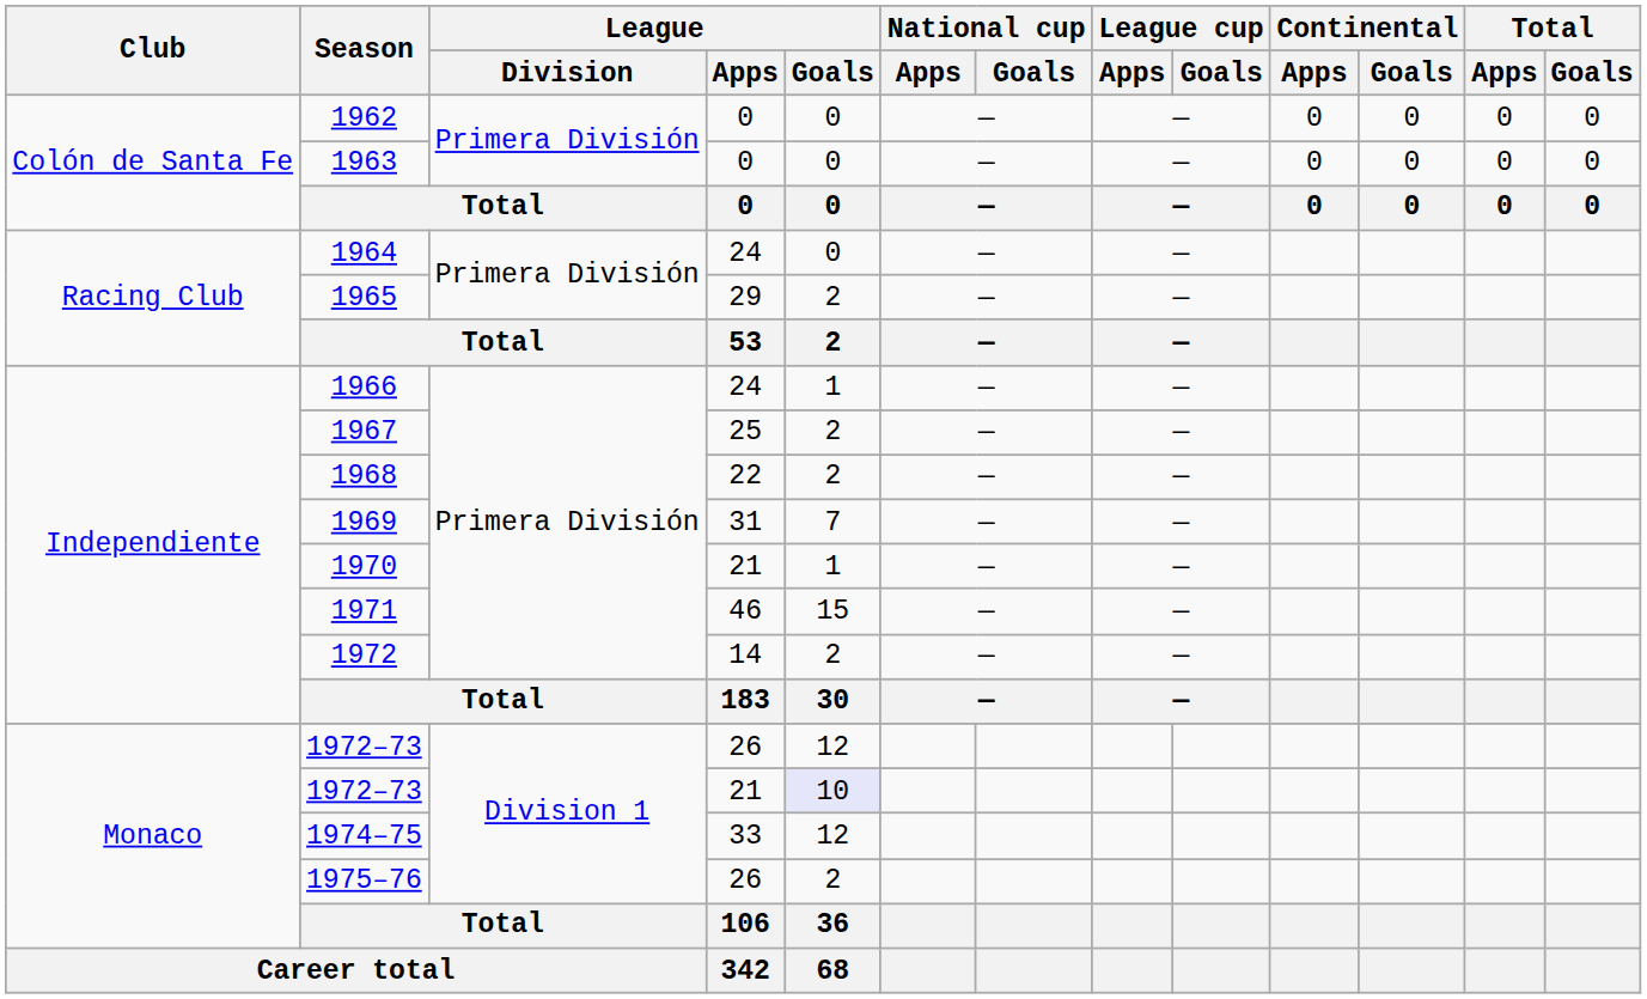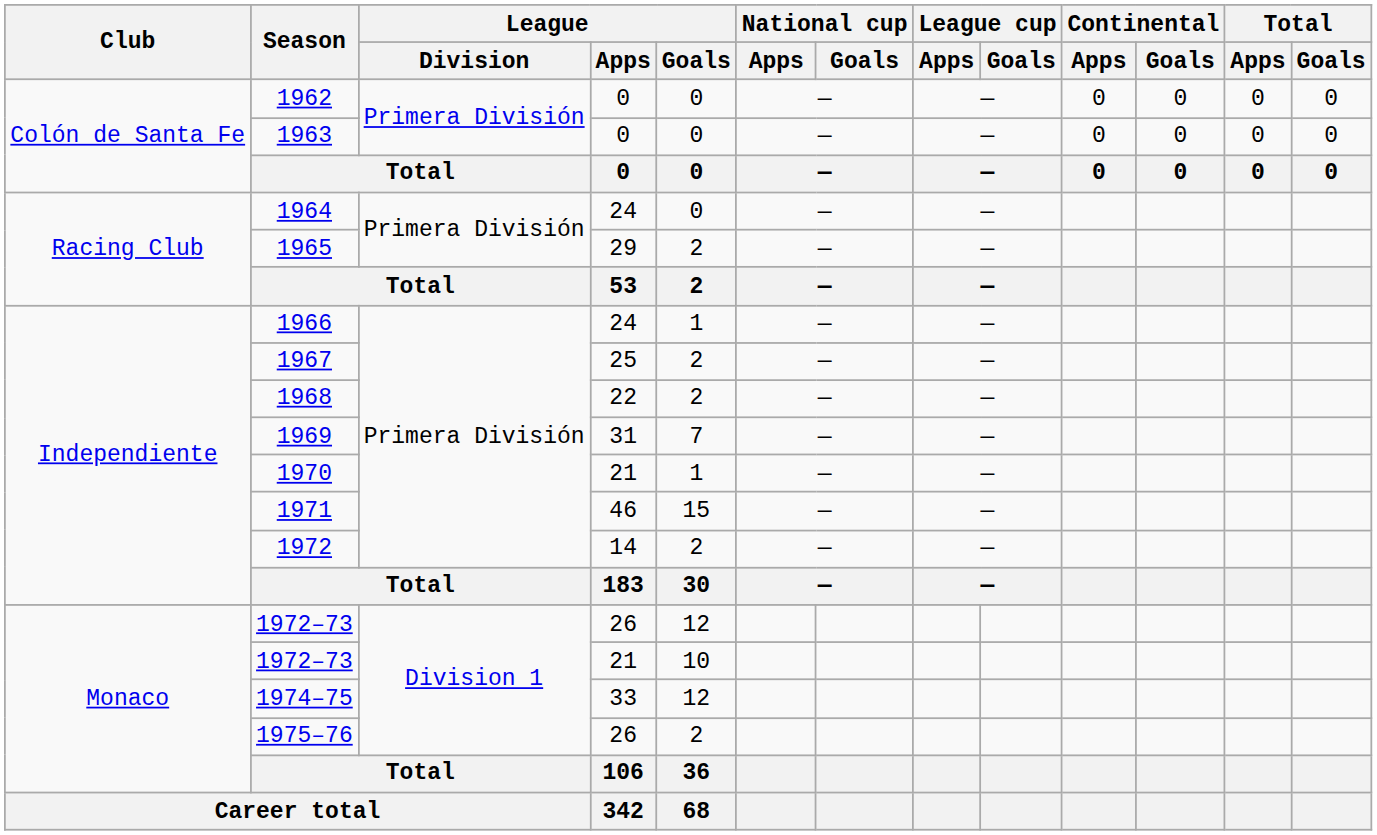 <table class="wikitable" style="text-align:center">
 <tr>
 <th rowspan="2">Club</th>
 <th rowspan="2">Season</th>
 <th colspan="3">League</th>
 <th colspan="2">National cup</th>
 <th colspan="2">League cup</th>
 <th colspan="2">Continental</th>
 <th colspan="2">Total</th>
 </tr>
 <tr>
 <th>Division</th>
 <th>Apps</th>
 <th>Goals</th>
 <th>Apps</th>
 <th>Goals</th>
 <th>Apps</th>
 <th>Goals</th>
 <th>Apps</th>
 <th>Goals</th>
 <th>Apps</th>
 <th>Goals</th>
 </tr>
 <tr>
 <td rowspan="3"><a href='#'>Colón de Santa Fe</a></td>
 <td><a href='#'>1962</a></td>
 <td rowspan="2"><a href='#'>Primera División</a></td>
 <td>0</td>
 <td>0</td>
 <td colspan="2">—</td>
 <td colspan="2">—</td>
 <td>0</td>
 <td>0</td>
 <td>0</td>
 <td>0</td>
 </tr>
 <tr>
 <td><a href='#'>1963</a></td>
 <td>0</td>
 <td>0</td>
 <td colspan="2">—</td>
 <td colspan="2">—</td>
 <td>0</td>
 <td>0</td>
 <td>0</td>
 <td>0</td>
 </tr>
 <tr>
 <th colspan="2">Total</th>
 <th>0</th>
 <th>0</th>
 <th colspan="2">—</th>
 <th colspan="2">—</th>
 <th>0</th>
 <th>0</th>
 <th>0</th>
 <th>0</th>
 </tr>
 <tr>
 <td rowspan="3"><a href='#'>Racing Club</a></td>
 <td><a href='#'>1964</a></td>
 <td rowspan="2">Primera División</td>
 <td>24</td>
 <td>0</td>
 <td colspan="2">—</td>
 <td colspan="2">—</td>
 <td></td>
 <td></td>
 <td></td>
 <td></td>
 </tr>
 <tr>
 <td><a href='#'>1965</a></td>
 <td>29</td>
 <td>2</td>
 <td colspan="2">—</td>
 <td colspan="2">—</td>
 <td></td>
 <td></td>
 <td></td>
 <td></td>
 </tr>
 <tr>
 <th colspan="2">Total</th>
 <th>53</th>
 <th>2</th>
 <th colspan="2">—</th>
 <th colspan="2">—</th>
 <th></th>
 <th></th>
 <th></th>
 <th></th>
 </tr>
 <tr>
 <td rowspan="8"><a href='#'>Independiente</a></td>
 <td><a href='#'>1966</a></td>
 <td rowspan="7">Primera División</td>
 <td>24</td>
 <td>1</td>
 <td colspan="2">—</td>
 <td colspan="2">—</td>
 <td></td>
 <td></td>
 <td></td>
 <td></td>
 </tr>
 <tr>
 <td><a href='#'>1967</a></td>
 <td>25</td>
 <td>2</td>
 <td colspan="2">—</td>
 <td colspan="2">—</td>
 <td></td>
 <td></td>
 <td></td>
 <td></td>
 </tr>
 <tr>
 <td><a href='#'>1968</a></td>
 <td>22</td>
 <td>2</td>
 <td colspan="2">—</td>
 <td colspan="2">—</td>
 <td></td>
 <td></td>
 <td></td>
 <td></td>
 </tr>
 <tr>
 <td><a href='#'>1969</a></td>
 <td>31</td>
 <td>7</td>
 <td colspan="2">—</td>
 <td colspan="2">—</td>
 <td></td>
 <td></td>
 <td></td>
 <td></td>
 </tr>
 <tr>
 <td><a href='#'>1970</a></td>
 <td>21</td>
 <td>1</td>
 <td colspan="2">—</td>
 <td colspan="2">—</td>
 <td></td>
 <td></td>
 <td></td>
 <td></td>
 </tr>
 <tr>
 <td><a href='#'>1971</a></td>
 <td>46</td>
 <td>15</td>
 <td colspan="2">—</td>
 <td colspan="2">—</td>
 <td></td>
 <td></td>
 <td></td>
 <td></td>
 </tr>
 <tr>
 <td><a href='#'>1972</a></td>
 <td>14</td>
 <td>2</td>
 <td colspan="2">—</td>
 <td colspan="2">—</td>
 <td></td>
 <td></td>
 <td></td>
 <td></td>
 </tr>
 <tr>
 <th colspan="2">Total</th>
 <th>183</th>
 <th>30</th>
 <th colspan="2">—</th>
 <th colspan="2">—</th>
 <th></th>
 <th></th>
 <th></th>
 <th></th>
 </tr>
 <tr>
 <td rowspan="5"><a href='#'>Monaco</a></td>
 <td><a href='#'>1972–73</a></td>
 <td rowspan="4"><a href='#'>Division 1</a></td>
 <td>26</td>
 <td>12</td>
 <td></td>
 <td></td>
 <td></td>
 <td></td>
 <td></td>
 <td></td>
 <td></td>
 <td></td>
 </tr>
 <tr>
 <td><a href='#'>1972–73</a></td>
 <td>21</td>
-<td style="background: lavender;">10</td>
+<td>10</td>
 <td></td>
 <td></td>
 <td></td>
 <td></td>
 <td></td>
 <td></td>
 <td></td>
 <td></td>
 </tr>
 <tr>
 <td><a href='#'>1974–75</a></td>
 <td>33</td>
 <td>12</td>
 <td></td>
 <td></td>
 <td></td>
 <td></td>
 <td></td>
 <td></td>
 <td></td>
 <td></td>
 </tr>
 <tr>
 <td><a href='#'>1975–76</a></td>
 <td>26</td>
 <td>2</td>
 <td></td>
 <td></td>
 <td></td>
 <td></td>
 <td></td>
 <td></td>
 <td></td>
 <td></td>
 </tr>
 <tr>
 <th colspan="2">Total</th>
 <th>106</th>
 <th>36</th>
 <th></th>
 <th></th>
 <th></th>
 <th></th>
 <th></th>
 <th></th>
 <th></th>
 <th></th>
 </tr>
 <tr>
 <th colspan="3">Career total</th>
 <th>342</th>
 <th>68</th>
 <th></th>
 <th></th>
 <th></th>
 <th></th>
 <th></th>
 <th></th>
 <th></th>
 <th></th>
 </tr>
 </table>
